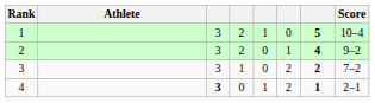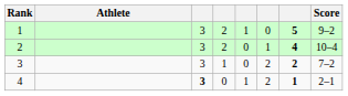 <table class="wikitable" style="text-align: center;">
 <tr>
 <th width=25>Rank</th>
 <th width=225>Athlete</th>
 <th width=25></th>
 <th width=25></th>
 <th width=25></th>
 <th width=25></th>
 <th width=40></th>
 <th width=40>Score</th>
 </tr>
 <tr bgcolor=ccffcc>
 <td>1</td>
 <td align=left></td>
 <td>3</td>
 <td>2</td>
 <td>1</td>
 <td>0</td>
 <td><strong>5</strong></td>
-<td>10–4</td>
+<td>9–2</td>
 </tr>
 <tr bgcolor=ccffcc>
 <td>2</td>
 <td align=left></td>
 <td>3</td>
 <td>2</td>
 <td>0</td>
 <td>1</td>
 <td><strong>4</strong></td>
-<td>9–2</td>
+<td>10–4</td>
 </tr>
 <tr>
 <td>3</td>
 <td align=left></td>
 <td>3</td>
 <td>1</td>
 <td>0</td>
 <td>2</td>
 <td><strong>2</strong></td>
 <td>7–2</td>
 </tr>
 <tr>
 <td>4</td>
 <td align=left></td>
 <td><strong>3</strong></td>
 <td>0</td>
 <td>1</td>
 <td>2</td>
 <td><strong>1</strong></td>
 <td>2–1</td>
 </tr>
 </table>
